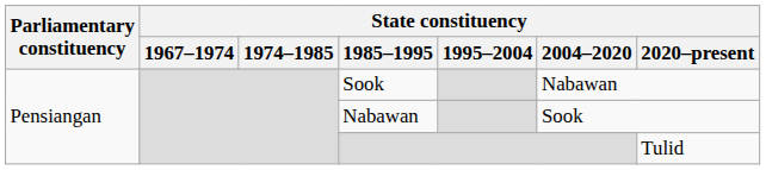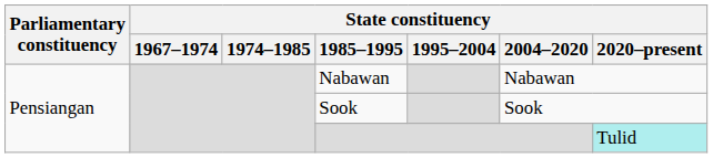 <table class=wikitable>
 <tr>
 <th rowspan=2>Parliamentary<br>constituency</th>
 <th colspan=6>State constituency</th>
 </tr>
 <tr>
 <th>1967–1974</th>
 <th>1974–1985</th>
 <th>1985–1995</th>
 <th>1995–2004</th>
 <th>2004–2020</th>
 <th>2020–present</th>
 </tr>
 <tr>
 <td rowspan=3>Pensiangan</td>
 <td rowspan=3 colspan=2 bgcolor=dcdcdc></td>
-<td>Sook</td>
+<td>Nabawan</td>
 <td bgcolor=dcdcdc></td>
 <td colspan=2>Nabawan</td>
 </tr>
 <tr>
-<td>Nabawan</td>
+<td>Sook</td>
 <td bgcolor=dcdcdc></td>
 <td colspan=2>Sook</td>
 </tr>
 <tr>
 <td bgcolor=dcdcdc colspan=3></td>
-<td>Tulid</td>
+<td style="background: paleturquoise;">Tulid</td>
 </tr>
 </table>
